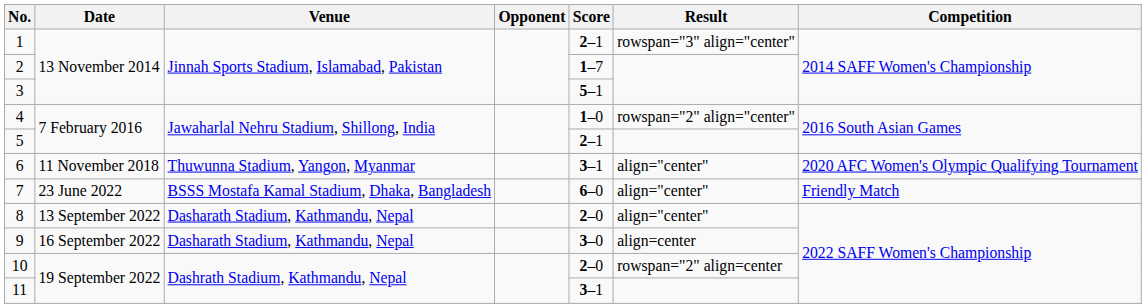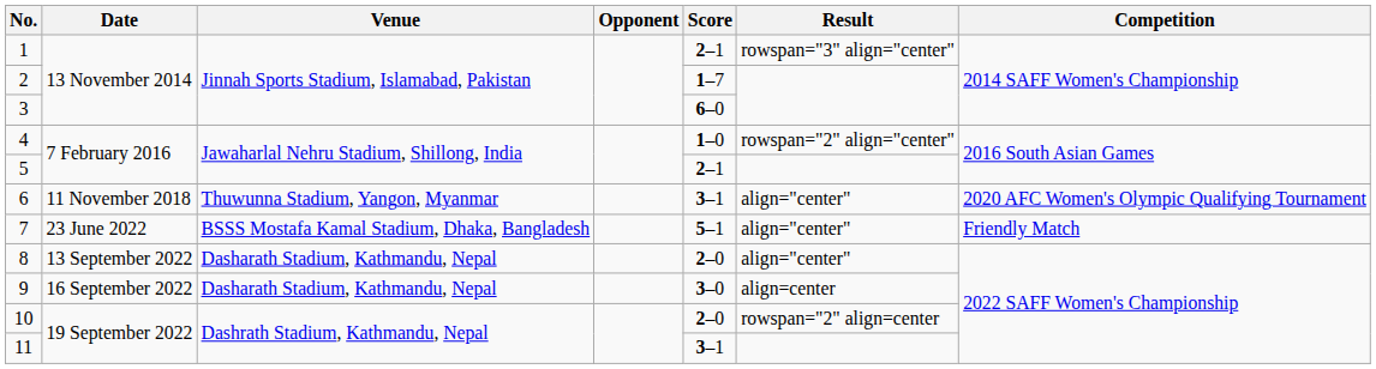 <table class="wikitable">
 <tr>
 <th>No.</th>
 <th>Date</th>
 <th>Venue</th>
 <th>Opponent</th>
 <th>Score</th>
 <th>Result</th>
 <th>Competition</th>
 </tr>
 <tr>
 <td align=center>1</td>
 <td rowspan="3">13 November 2014</td>
 <td rowspan="3"><a href='#'>Jinnah Sports Stadium</a>, <a href='#'>Islamabad</a>, <a href='#'>Pakistan</a></td>
 <td rowspan="3"></td>
 <td align=center><strong>2</strong>–1</td>
 <td>rowspan="3" align="center" </td>
 <td rowspan="3"><a href='#'>2014 SAFF Women's Championship</a></td>
 </tr>
 <tr>
 <td align=center>2</td>
 <td align=center><strong>1</strong>–7</td>
 </tr>
 <tr>
 <td align=center>3</td>
-<td align=center><strong>5</strong>–1</td>
+<td align="center"><strong>6</strong>–0</td>
 </tr>
 <tr>
 <td align=center>4</td>
 <td rowspan="2">7 February 2016</td>
 <td rowspan="2"><a href='#'>Jawaharlal Nehru Stadium</a>, <a href='#'>Shillong</a>, <a href='#'>India</a></td>
 <td rowspan="2"></td>
 <td align=center><strong>1</strong>–0</td>
 <td>rowspan="2" align="center" </td>
 <td rowspan="2"><a href='#'>2016 South Asian Games</a></td>
 </tr>
 <tr>
 <td align=center>5</td>
 <td align=center><strong>2</strong>–1</td>
 </tr>
 <tr>
 <td align=center>6</td>
 <td>11 November 2018</td>
 <td><a href='#'>Thuwunna Stadium</a>, <a href='#'>Yangon</a>, <a href='#'>Myanmar</a></td>
 <td></td>
 <td align=center><strong>3</strong>–1</td>
 <td>align="center" </td>
 <td><a href='#'>2020 AFC Women's Olympic Qualifying Tournament</a></td>
 </tr>
 <tr>
 <td align=center>7</td>
 <td>23 June 2022</td>
 <td><a href='#'>BSSS Mostafa Kamal Stadium</a>, <a href='#'>Dhaka</a>, <a href='#'>Bangladesh</a></td>
 <td></td>
-<td align="center"><strong>6</strong>–0</td>
+<td align=center><strong>5</strong>–1</td>
 <td>align="center" </td>
 <td><a href='#'>Friendly Match</a></td>
 </tr>
 <tr>
 <td align=center>8</td>
 <td>13 September 2022</td>
 <td><a href='#'>Dasharath Stadium</a>, <a href='#'>Kathmandu</a>, <a href='#'>Nepal</a></td>
 <td></td>
 <td align="center"><strong>2</strong>–0</td>
 <td>align="center" </td>
 <td rowspan="4"><a href='#'>2022 SAFF Women's Championship</a></td>
 </tr>
 <tr>
 <td align=center>9</td>
 <td>16 September 2022</td>
 <td><a href='#'>Dasharath Stadium</a>, <a href='#'>Kathmandu</a>, <a href='#'>Nepal</a></td>
 <td></td>
 <td align=center><strong>3</strong>–0</td>
 <td>align=center </td>
 </tr>
 <tr>
 <td align=center>10</td>
 <td rowspan="2">19 September 2022</td>
 <td rowspan="2"><a href='#'>Dashrath Stadium</a>, <a href='#'>Kathmandu</a>, <a href='#'>Nepal</a></td>
 <td rowspan="2"></td>
 <td align=center><strong>2</strong>–0</td>
 <td>rowspan="2" align=center </td>
 </tr>
 <tr>
 <td align=center>11</td>
 <td align=center><strong>3</strong>–1</td>
 </tr>
 </table>
